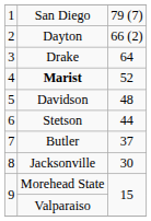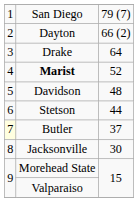 <table class="wikitable">
 <tr align="center">
 </tr>
 <tr align="center">
 <td>1</td>
 <td>San Diego</td>
 <td>79 (7)</td>
 </tr>
 <tr align="center">
 <td>2</td>
 <td>Dayton</td>
 <td>66 (2)</td>
 </tr>
 <tr align="center">
 <td>3</td>
 <td>Drake</td>
 <td>64</td>
 </tr>
 <tr align="center">
 <td>4</td>
 <td><strong>Marist</strong></td>
 <td>52</td>
 </tr>
 <tr align="center">
 <td>5</td>
 <td>Davidson</td>
 <td>48</td>
 </tr>
 <tr align="center">
 <td>6</td>
 <td>Stetson</td>
 <td>44</td>
 </tr>
 <tr align="center">
-<td>7</td>
+<td style="background: lightyellow;">7</td>
 <td>Butler</td>
 <td>37</td>
 </tr>
 <tr align="center">
 <td>8</td>
 <td>Jacksonville</td>
 <td>30</td>
 </tr>
 <tr align="center">
 <td rowspan=2>9</td>
 <td>Morehead State</td>
 <td rowspan=2>15</td>
 </tr>
 <tr align="center">
 <td>Valparaiso</td>
 </tr>
 <tr>
 </tr>
 </table>
